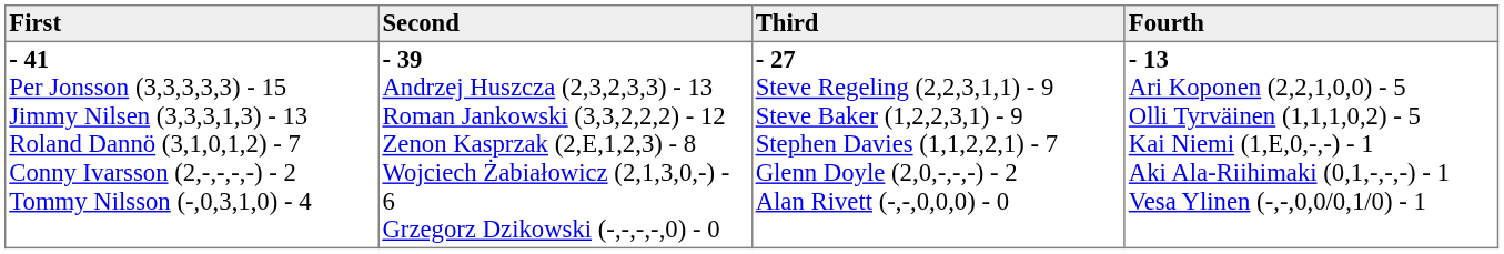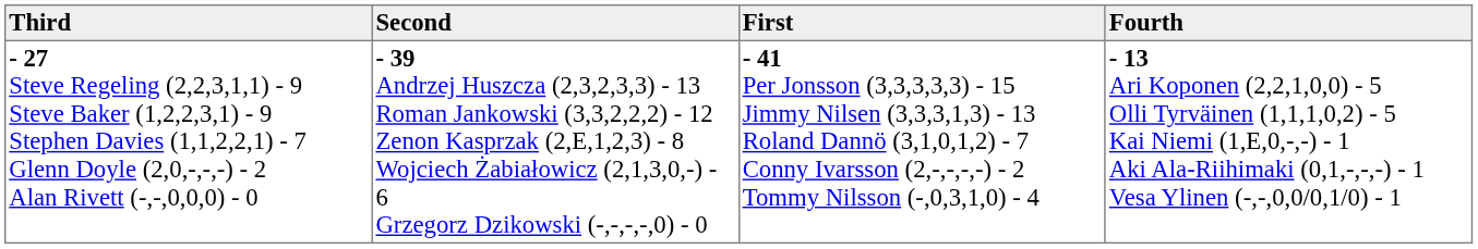 <table border=1 cellpadding=2 cellspacing=0 width=75% style="border-collapse:collapse">
 <tr align=left style="background:#efefef;">
+<th width=20%>Third</th>
+<th width=20%>Second</th>
 <th width=20%>First</th>
-<th width=20%>Second</th>
-<th width=20%>Third</th>
 <th width=20%>Fourth</th>
 </tr>
 <tr align=left>
+<td valign=top><strong> - 27</strong><br><a href='#'>Steve Regeling</a> (2,2,3,1,1) - 9 <br><a href='#'>Steve Baker</a> (1,2,2,3,1) - 9 <br><a href='#'>Stephen Davies</a> (1,1,2,2,1) - 7 <br><a href='#'>Glenn Doyle</a> (2,0,-,-,-) - 2 <br><a href='#'>Alan Rivett</a> (-,-,0,0,0) - 0</td>
+<td valign=top><strong> - 39</strong><br><a href='#'>Andrzej Huszcza</a> (2,3,2,3,3) - 13 <br><a href='#'>Roman Jankowski</a> (3,3,2,2,2) - 12 <br><a href='#'>Zenon Kasprzak</a> (2,E,1,2,3) - 8 <br><a href='#'>Wojciech Żabiałowicz</a> (2,1,3,0,-) - 6 <br><a href='#'>Grzegorz Dzikowski</a> (-,-,-,-,0) - 0</td>
 <td valign=top><strong> - 41</strong><br><a href='#'>Per Jonsson</a> (3,3,3,3,3) - 15 <br><a href='#'>Jimmy Nilsen</a> (3,3,3,1,3) - 13 <br><a href='#'>Roland Dannö</a> (3,1,0,1,2) - 7 <br><a href='#'>Conny Ivarsson</a> (2,-,-,-,-) - 2 <br><a href='#'>Tommy Nilsson</a> (-,0,3,1,0) - 4</td>
-<td valign=top><strong> - 39</strong><br><a href='#'>Andrzej Huszcza</a> (2,3,2,3,3) - 13 <br><a href='#'>Roman Jankowski</a> (3,3,2,2,2) - 12 <br><a href='#'>Zenon Kasprzak</a> (2,E,1,2,3) - 8 <br><a href='#'>Wojciech Żabiałowicz</a> (2,1,3,0,-) - 6 <br><a href='#'>Grzegorz Dzikowski</a> (-,-,-,-,0) - 0</td>
-<td valign=top><strong> - 27</strong><br><a href='#'>Steve Regeling</a> (2,2,3,1,1) - 9 <br><a href='#'>Steve Baker</a> (1,2,2,3,1) - 9 <br><a href='#'>Stephen Davies</a> (1,1,2,2,1) - 7 <br><a href='#'>Glenn Doyle</a> (2,0,-,-,-) - 2 <br><a href='#'>Alan Rivett</a> (-,-,0,0,0) - 0</td>
 <td valign=top><strong> - 13</strong><br><a href='#'>Ari Koponen</a> (2,2,1,0,0) - 5 <br><a href='#'>Olli Tyrväinen</a> (1,1,1,0,2) - 5 <br><a href='#'>Kai Niemi</a> (1,E,0,-,-) - 1 <br><a href='#'>Aki Ala-Riihimaki</a> (0,1,-,-,-) - 1 <br><a href='#'>Vesa Ylinen</a> (-,-,0,0/0,1/0) - 1</td>
 </tr>
 </table>
